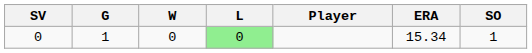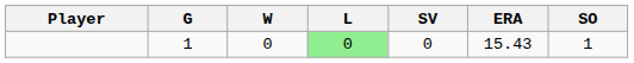 <table class="wikitable sortable">
 <tr>
-<th bgcolor="#DDDDFF" width="9%">SV</th>
+<th bgcolor="#DDDDFF" width="16%">Player</th>
 <th bgcolor="#DDDDFF" width="9%">G</th>
 <th bgcolor="#DDDDFF" width="9%">W</th>
 <th bgcolor="#DDDDFF" width="9%">L</th>
-<th bgcolor="#DDDDFF" width="16%">Player</th>
+<th bgcolor="#DDDDFF" width="9%">SV</th>
 <th bgcolor="#DDDDFF" width="9%">ERA</th>
 <th bgcolor="#DDDDFF" width="9%">SO</th>
 </tr>
 <tr align="center">
-<td>0</td>
+<td></td>
 <td>1</td>
 <td>0</td>
 <td style="background: lightgreen;">0</td>
-<td></td>
-<td>15.34</td>
+<td>0</td>
+<td>15.43</td>
 <td>1</td>
 </tr>
 </table>
